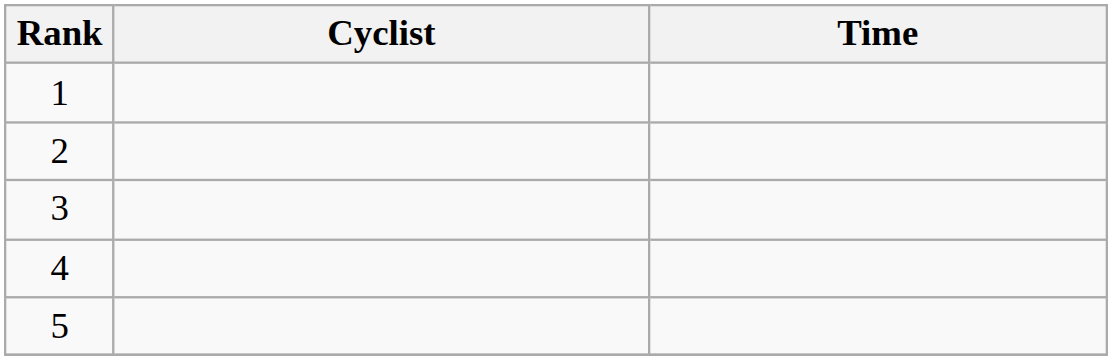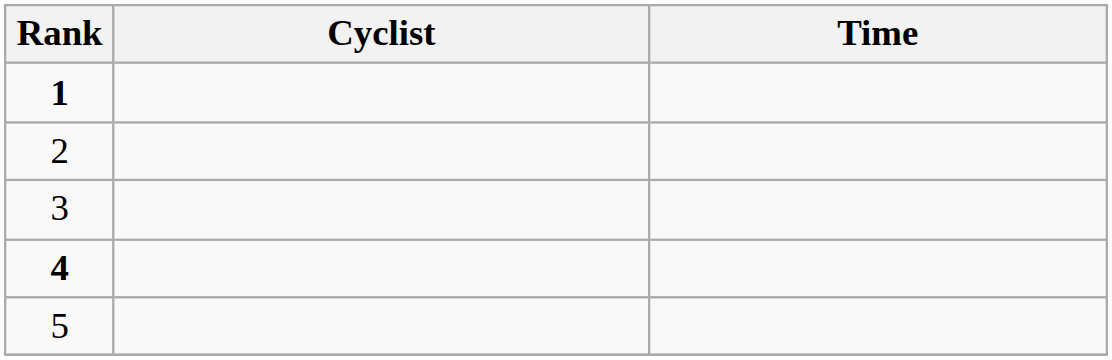 <table class="wikitable" style="width:30em;margin-bottom:0;">
 <tr>
 <th>Rank</th>
 <th>Cyclist</th>
 <th>Time</th>
 </tr>
 <tr>
-<td style="width:40px; text-align:center;">1</td>
+<td style="width:40px; text-align:center;"><strong>1</strong></td>
 <td style="width:225px;"></td>
 <td align="right"></td>
 </tr>
 <tr>
 <td style="text-align:center;">2</td>
 <td></td>
 <td align="right"></td>
 </tr>
 <tr>
 <td style="text-align:center;">3</td>
 <td></td>
 <td align="right"></td>
 </tr>
 <tr>
-<td style="text-align:center;">4</td>
+<td style="text-align:center;"><strong>4</strong></td>
 <td></td>
 <td align="right"></td>
 </tr>
 <tr>
 <td style="text-align:center;">5</td>
 <td></td>
 <td align="right"></td>
 </tr>
 <tr>
 </tr>
 </table>
